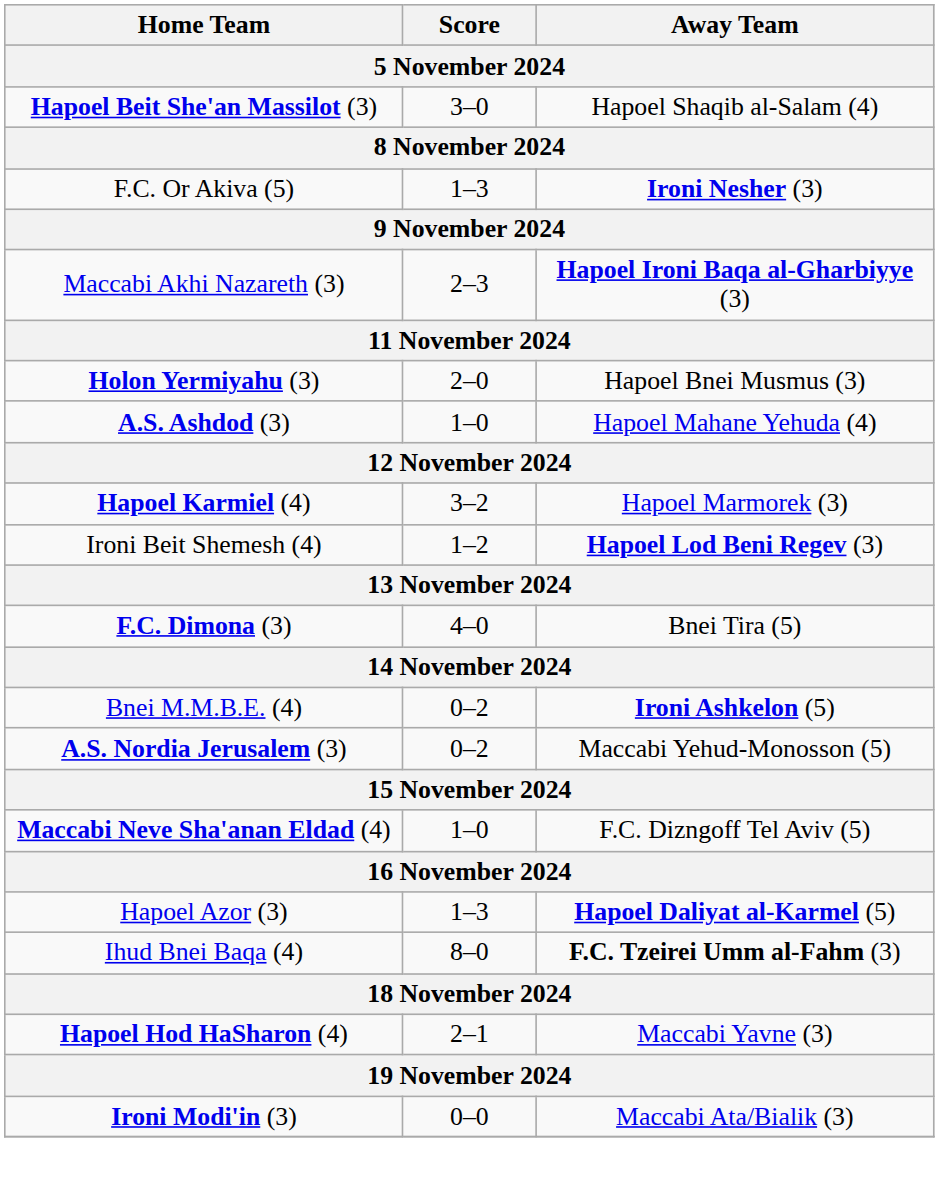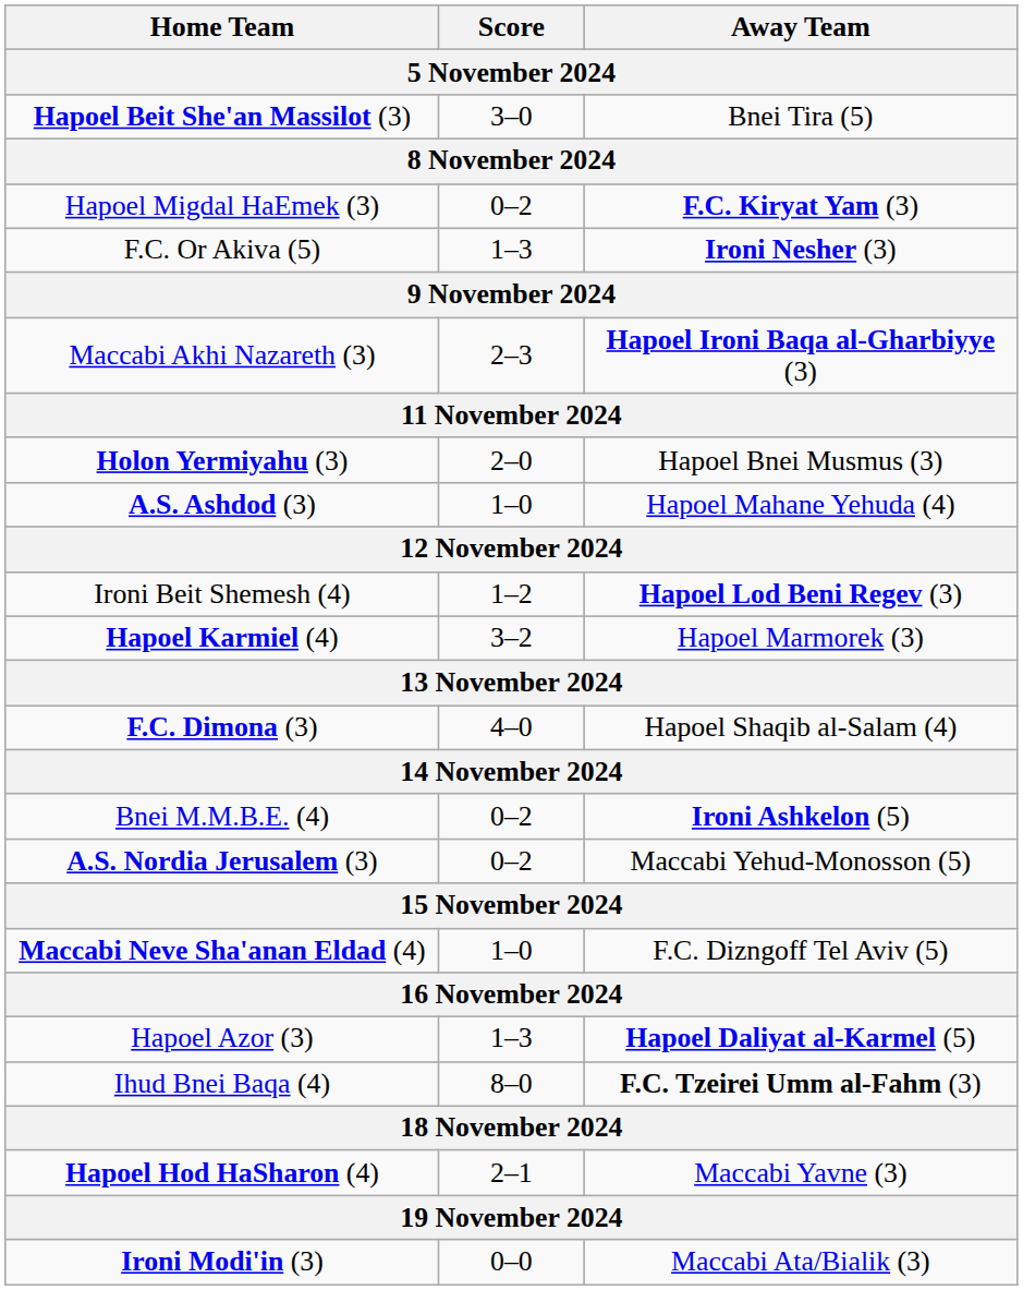 <table class="wikitable" style="text-align: center;">
 <tr>
 <th width="240px">Home Team</th>
 <th width="75px">Score</th>
 <th width="240px">Away Team</th>
 </tr>
 <tr>
 <th colspan=3>5 November 2024</th>
 </tr>
 <tr>
 <td><strong><a href='#'>Hapoel Beit She'an Massilot</a></strong> (3)</td>
 <td>3–0</td>
-<td>Hapoel Shaqib al-Salam (4)</td>
+<td>Bnei Tira (5)</td>
 </tr>
 <tr>
 <th colspan=3>8 November 2024</th>
+</tr>
+<tr>
+<td><a href='#'>Hapoel Migdal HaEmek</a> (3)</td>
+<td>0–2</td>
+<td><strong><a href='#'>F.C. Kiryat Yam</a></strong> (3)</td>
 </tr>
 <tr>
 <td>F.C. Or Akiva (5)</td>
 <td>1–3</td>
 <td><strong><a href='#'>Ironi Nesher</a></strong> (3)</td>
 </tr>
 <tr>
 <th colspan=3>9 November 2024</th>
 </tr>
 <tr>
 <td><a href='#'>Maccabi Akhi Nazareth</a> (3)</td>
 <td>2–3</td>
 <td><strong><a href='#'>Hapoel Ironi Baqa al-Gharbiyye</a></strong> (3)</td>
 </tr>
 <tr>
 <th colspan=3>11 November 2024</th>
 </tr>
 <tr>
 <td><strong><a href='#'>Holon Yermiyahu</a></strong> (3)</td>
 <td>2–0</td>
 <td>Hapoel Bnei Musmus (3)</td>
 </tr>
 <tr>
 <td><strong><a href='#'>A.S. Ashdod</a></strong> (3)</td>
 <td>1–0</td>
 <td><a href='#'>Hapoel Mahane Yehuda</a> (4)</td>
 </tr>
 <tr>
 <th colspan=3>12 November 2024</th>
 </tr>
 <tr>
+<td>Ironi Beit Shemesh (4)</td>
+<td>1–2</td>
+<td><strong><a href='#'>Hapoel Lod Beni Regev</a></strong> (3)</td>
+</tr>
+<tr>
 <td><strong><a href='#'>Hapoel Karmiel</a></strong> (4)</td>
 <td>3–2</td>
 <td><a href='#'>Hapoel Marmorek</a> (3)</td>
-</tr>
-<tr>
-<td>Ironi Beit Shemesh (4)</td>
-<td>1–2</td>
-<td><strong><a href='#'>Hapoel Lod Beni Regev</a></strong> (3)</td>
 </tr>
 <tr>
 <th colspan=3>13 November 2024</th>
 </tr>
 <tr>
 <td><strong><a href='#'>F.C. Dimona</a></strong> (3)</td>
 <td>4–0</td>
-<td>Bnei Tira (5)</td>
+<td>Hapoel Shaqib al-Salam (4)</td>
 </tr>
 <tr>
 <th colspan=3>14 November 2024</th>
 </tr>
 <tr>
 <td><a href='#'>Bnei M.M.B.E.</a> (4)</td>
 <td>0–2</td>
 <td><strong><a href='#'>Ironi Ashkelon</a></strong> (5)</td>
 </tr>
 <tr>
 <td><strong><a href='#'>A.S. Nordia Jerusalem</a></strong> (3)</td>
 <td>0–2</td>
 <td>Maccabi Yehud-Monosson (5)</td>
 </tr>
 <tr>
 <th colspan=3>15 November 2024</th>
 </tr>
 <tr>
 <td><strong><a href='#'>Maccabi Neve Sha'anan Eldad</a></strong> (4)</td>
 <td>1–0</td>
 <td>F.C. Dizngoff Tel Aviv (5)</td>
 </tr>
 <tr>
 <th colspan=3>16 November 2024</th>
 </tr>
 <tr>
 <td><a href='#'>Hapoel Azor</a> (3)</td>
 <td>1–3</td>
 <td><strong><a href='#'>Hapoel Daliyat al-Karmel</a></strong> (5)</td>
 </tr>
 <tr>
 <td><a href='#'>Ihud Bnei Baqa</a> (4)</td>
 <td>8–0</td>
 <td><strong>F.C. Tzeirei Umm al-Fahm</strong> (3)</td>
 </tr>
 <tr>
 <th colspan=3>18 November 2024</th>
 </tr>
 <tr>
 <td><strong><a href='#'>Hapoel Hod HaSharon</a></strong> (4)</td>
 <td>2–1 </td>
 <td><a href='#'>Maccabi Yavne</a> (3)</td>
 </tr>
 <tr>
 <th colspan=3>19 November 2024</th>
 </tr>
 <tr>
 <td><strong><a href='#'>Ironi Modi'in</a></strong> (3)</td>
 <td>0–0 </td>
 <td><a href='#'>Maccabi Ata/Bialik</a> (3)</td>
 </tr>
 <tr>
 </tr>
 </table>
